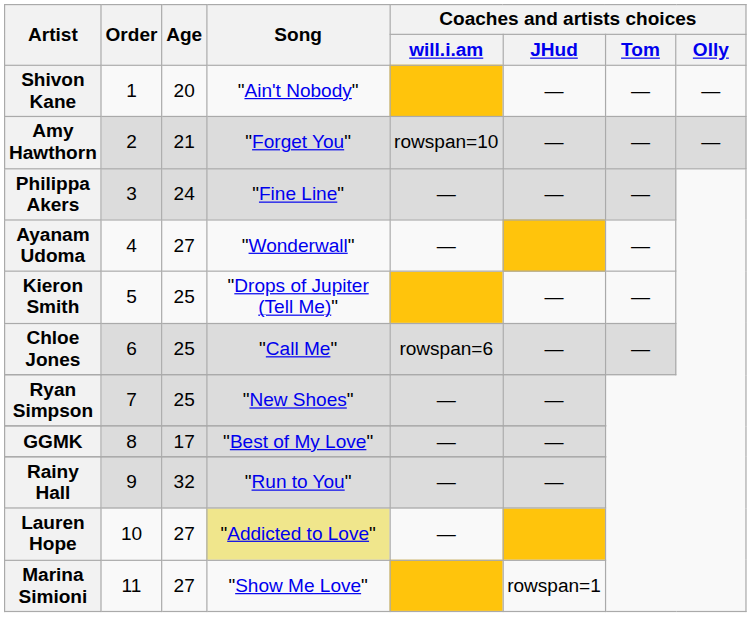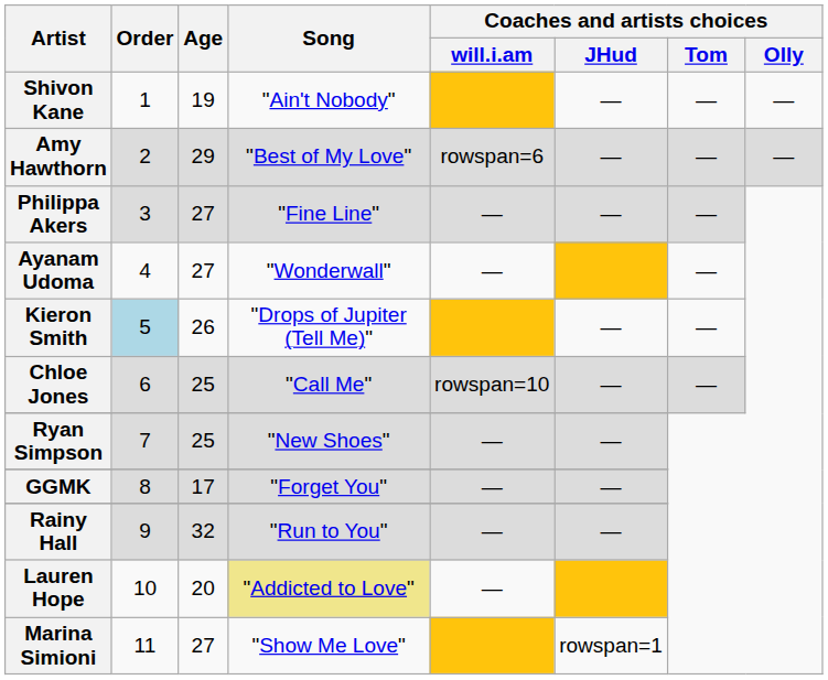 <table class="wikitable" style="text-align:center; width:100%;">
 <tr>
 <th rowspan="2" scope="col" style="width:13%;">Artist</th>
 <th rowspan="2" scope="col" style="width:05%;">Order</th>
 <th rowspan="2" scope="col" style="width:05%;">Age</th>
 <th rowspan="2" scope="col" style="width:26%;">Song</th>
 <th colspan="4" style="width:40%;">Coaches and artists choices</th>
 </tr>
 <tr>
 <th style="width:10%;"><a href='#'>will.i.am</a></th>
 <th style="width:10%;"><a href='#'>JHud</a></th>
 <th style="width:10%;"><a href='#'>Tom</a></th>
 <th style="width:10%;"><a href='#'>Olly</a></th>
 </tr>
 <tr>
 <th scope="row">Shivon Kane</th>
 <td>1</td>
-<td>20</td>
+<td>19</td>
 <td>"<a href='#'>Ain't Nobody</a>"</td>
 <td style="background:#FFC40C;text-align:center;"><strong></strong></td>
 <td>—</td>
 <td>—</td>
 <td>—</td>
 </tr>
 <tr style="background:#DCDCDC;">
 <th>Amy Hawthorn</th>
 <td>2</td>
-<td>21</td>
-<td>"<a href='#'>Forget You</a>"</td>
-<td>rowspan=10 </td>
+<td>29</td>
+<td>"<a href='#'>Best of My Love</a>"</td>
+<td>rowspan=6 </td>
 <td>—</td>
 <td>—</td>
 <td>—</td>
 </tr>
 <tr style="background:#DCDCDC;">
 <th>Philippa Akers</th>
 <td>3</td>
-<td>24</td>
+<td>27</td>
 <td>"<a href='#'>Fine Line</a>"</td>
 <td>—</td>
 <td>—</td>
 <td>—</td>
 </tr>
 <tr>
 <th>Ayanam Udoma</th>
 <td>4</td>
 <td>27</td>
 <td>"<a href='#'>Wonderwall</a>"</td>
 <td>—</td>
 <td style="background:#FFC40C;text-align:center;"><strong></strong></td>
 <td>—</td>
 </tr>
 <tr>
 <th>Kieron Smith</th>
-<td>5</td>
-<td>25</td>
+<td style="background: lightblue;">5</td>
+<td>26</td>
 <td>"<a href='#'>Drops of Jupiter (Tell Me)</a>"</td>
 <td style="background:#FFC40C;text-align:center;"><strong></strong></td>
 <td>—</td>
 <td>—</td>
 </tr>
 <tr style="background:#DCDCDC;">
 <th>Chloe Jones</th>
 <td>6</td>
 <td>25</td>
 <td>"<a href='#'>Call Me</a>"</td>
-<td>rowspan=6 </td>
+<td>rowspan=10 </td>
 <td>—</td>
 <td>—</td>
 </tr>
 <tr>
 </tr>
 <tr style="background:#DCDCDC;">
 <th>Ryan Simpson</th>
 <td>7</td>
 <td>25</td>
 <td>"<a href='#'>New Shoes</a>"</td>
 <td>—</td>
 <td>—</td>
 </tr>
 <tr>
 </tr>
 <tr style="background:#DCDCDC;">
 <th>GGMK</th>
 <td>8</td>
 <td>17</td>
-<td>"<a href='#'>Best of My Love</a>"</td>
+<td>"<a href='#'>Forget You</a>"</td>
 <td>—</td>
 <td>—</td>
 </tr>
 <tr>
 </tr>
 <tr style="background:#DCDCDC;">
 <th>Rainy Hall</th>
 <td>9</td>
 <td>32</td>
 <td>"<a href='#'>Run to You</a>"</td>
 <td>—</td>
 <td>—</td>
 </tr>
 <tr>
 <th>Lauren Hope</th>
 <td>10</td>
-<td>27</td>
+<td>20</td>
 <td style="background: khaki;">"<a href='#'>Addicted to Love</a>"</td>
 <td>—</td>
 <td style="background:#FFC40C;text-align:center;"><strong></strong></td>
 </tr>
 <tr>
 <th>Marina Simioni</th>
 <td>11</td>
 <td>27</td>
 <td>"<a href='#'>Show Me Love</a>"</td>
 <td style="background:#FFC40C;text-align:center;"><strong></strong></td>
 <td>rowspan=1 </td>
 </tr>
 </table>
